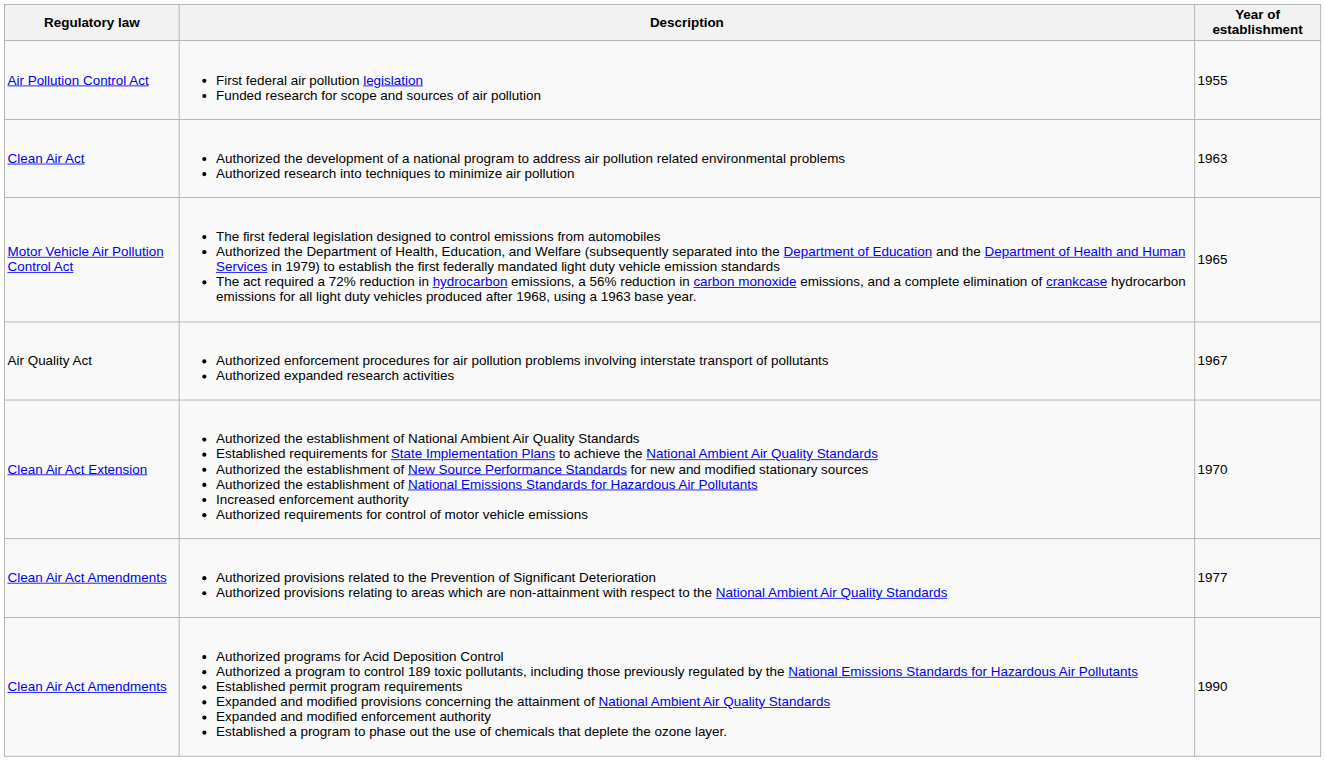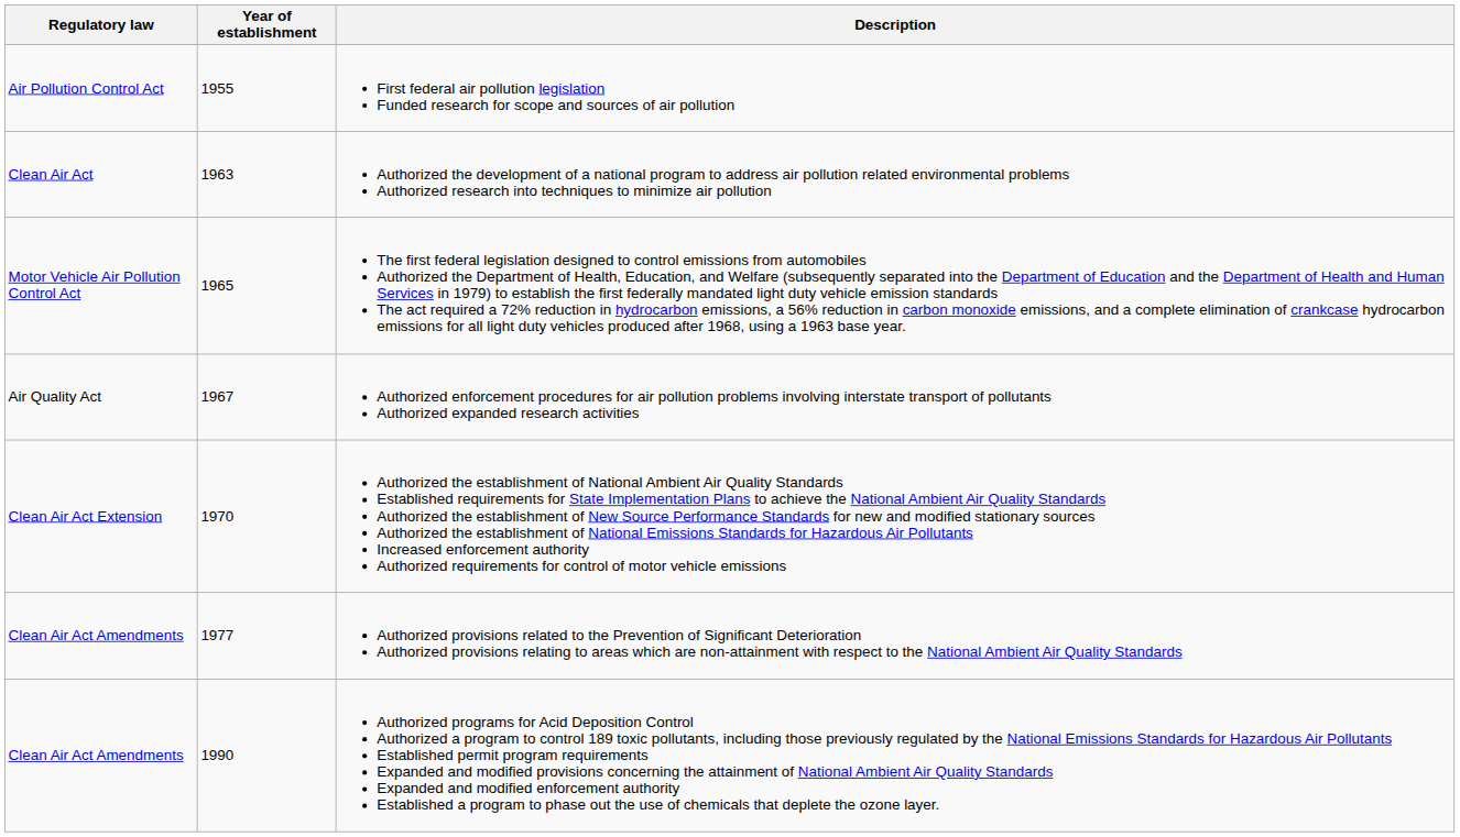 <table class="wikitable">
 <tr>
 <th>Regulatory law</th>
+<th>Year of establishment</th>
 <th>Description</th>
-<th>Year of establishment</th>
 </tr>
 <tr>
 <td><a href='#'>Air Pollution Control Act</a></td>
+<td>1955</td>
 <td><br><ul><li>First federal air pollution <a href='#'>legislation</a></li><li>Funded research for scope and sources of air pollution</li></ul></td>
-<td>1955</td>
 </tr>
 <tr>
 <td><a href='#'>Clean Air Act</a></td>
+<td>1963</td>
 <td><br><ul><li>Authorized the development of a national program to address air pollution related environmental problems</li><li>Authorized research into techniques to minimize air pollution</li></ul></td>
-<td>1963</td>
 </tr>
 <tr>
 <td><a href='#'>Motor Vehicle Air Pollution Control Act</a></td>
+<td>1965</td>
 <td><br><ul><li>The first federal legislation designed to control emissions from automobiles</li><li>Authorized the Department of Health, Education, and Welfare (subsequently separated into the <a href='#'>Department of Education</a> and the <a href='#'>Department of Health and Human Services</a> in 1979)  to establish the first federally mandated light duty vehicle emission standards</li><li>The act required a 72% reduction in <a href='#'>hydrocarbon</a> emissions, a 56% reduction in <a href='#'>carbon monoxide</a> emissions, and a complete elimination of <a href='#'>crankcase</a> hydrocarbon emissions for all light duty vehicles produced after 1968, using a 1963 base year.</li></ul></td>
-<td>1965</td>
 </tr>
 <tr>
 <td>Air Quality Act</td>
+<td>1967</td>
 <td><br><ul><li>Authorized enforcement procedures for air pollution problems involving interstate transport of pollutants</li><li>Authorized expanded research activities</li></ul></td>
-<td>1967</td>
 </tr>
 <tr>
 <td><a href='#'>Clean Air Act Extension</a></td>
+<td>1970</td>
 <td><br><ul><li>Authorized the establishment of National Ambient Air Quality Standards</li><li>Established requirements for <a href='#'>State Implementation Plans</a> to achieve the <a href='#'>National Ambient Air Quality Standards</a></li><li>Authorized the establishment of <a href='#'>New Source Performance Standards</a> for new and modified stationary sources</li><li>Authorized the establishment of <a href='#'>National Emissions Standards for Hazardous Air Pollutants</a></li><li>Increased enforcement authority</li><li>Authorized requirements for control of motor vehicle emissions</li></ul></td>
-<td>1970</td>
 </tr>
 <tr>
 <td><a href='#'>Clean Air Act Amendments</a></td>
+<td>1977</td>
 <td><br><ul><li>Authorized provisions related to the Prevention of Significant Deterioration</li><li>Authorized provisions relating to areas which are non-attainment with respect to the <a href='#'>National Ambient Air Quality Standards</a></li></ul></td>
-<td>1977</td>
 </tr>
 <tr>
 <td><a href='#'>Clean Air Act Amendments</a></td>
+<td>1990</td>
 <td><br><ul><li>Authorized programs for Acid Deposition Control</li><li>Authorized a program to control 189 toxic pollutants, including those previously regulated by the <a href='#'>National Emissions Standards for Hazardous Air Pollutants</a></li><li>Established permit program requirements</li><li>Expanded and modified provisions concerning the attainment of <a href='#'>National Ambient Air Quality Standards</a></li><li>Expanded and modified enforcement authority</li><li>Established a program to phase out the use of chemicals that deplete the ozone layer.</li></ul></td>
-<td>1990</td>
 </tr>
 </table>
